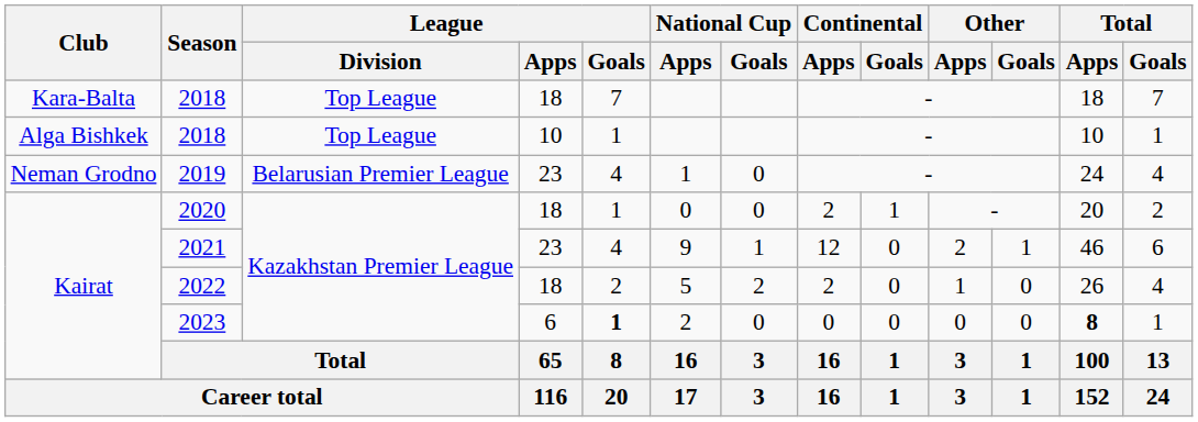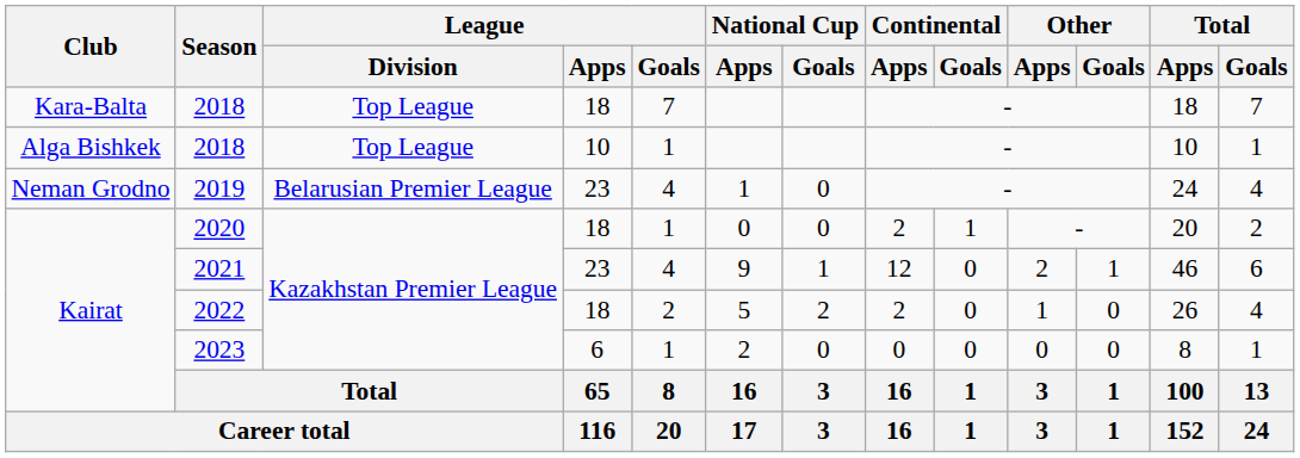 <table class="wikitable" style="text-align: center">
 <tr>
 <th rowspan="2">Club</th>
 <th rowspan="2">Season</th>
 <th colspan="3">League</th>
 <th colspan="2">National Cup</th>
 <th colspan="2">Continental</th>
 <th colspan="2">Other</th>
 <th colspan="2">Total</th>
 </tr>
 <tr>
 <th>Division</th>
 <th>Apps</th>
 <th>Goals</th>
 <th>Apps</th>
 <th>Goals</th>
 <th>Apps</th>
 <th>Goals</th>
 <th>Apps</th>
 <th>Goals</th>
 <th>Apps</th>
 <th>Goals</th>
 </tr>
 <tr>
 <td><a href='#'>Kara-Balta</a></td>
 <td><a href='#'>2018</a></td>
 <td><a href='#'>Top League</a></td>
 <td>18</td>
 <td>7</td>
 <td></td>
 <td></td>
 <td colspan="4">-</td>
 <td>18</td>
 <td>7</td>
 </tr>
 <tr>
 <td><a href='#'>Alga Bishkek</a></td>
 <td><a href='#'>2018</a></td>
 <td><a href='#'>Top League</a></td>
 <td>10</td>
 <td>1</td>
 <td></td>
 <td></td>
 <td colspan="4">-</td>
 <td>10</td>
 <td>1</td>
 </tr>
 <tr>
 <td><a href='#'>Neman Grodno</a></td>
 <td><a href='#'>2019</a></td>
 <td><a href='#'>Belarusian Premier League</a></td>
 <td>23</td>
 <td>4</td>
 <td>1</td>
 <td>0</td>
 <td colspan="4">-</td>
 <td>24</td>
 <td>4</td>
 </tr>
 <tr>
 <td rowspan="5"><a href='#'>Kairat</a></td>
 <td><a href='#'>2020</a></td>
 <td rowspan="4"><a href='#'>Kazakhstan Premier League</a></td>
 <td>18</td>
 <td>1</td>
 <td>0</td>
 <td>0</td>
 <td>2</td>
 <td>1</td>
 <td colspan="2">-</td>
 <td>20</td>
 <td>2</td>
 </tr>
 <tr>
 <td><a href='#'>2021</a></td>
 <td>23</td>
 <td>4</td>
 <td>9</td>
 <td>1</td>
 <td>12</td>
 <td>0</td>
 <td>2</td>
 <td>1</td>
 <td>46</td>
 <td>6</td>
 </tr>
 <tr>
 <td><a href='#'>2022</a></td>
 <td>18</td>
 <td>2</td>
 <td>5</td>
 <td>2</td>
 <td>2</td>
 <td>0</td>
 <td>1</td>
 <td>0</td>
 <td>26</td>
 <td>4</td>
 </tr>
 <tr>
 <td><a href='#'>2023</a></td>
 <td>6</td>
-<td><strong>1</strong></td>
+<td>1</td>
 <td>2</td>
 <td>0</td>
 <td>0</td>
 <td>0</td>
 <td>0</td>
 <td>0</td>
-<td><strong>8</strong></td>
+<td>8</td>
 <td>1</td>
 </tr>
 <tr>
 <th colspan="2">Total</th>
 <th>65</th>
 <th>8</th>
 <th>16</th>
 <th>3</th>
 <th>16</th>
 <th>1</th>
 <th>3</th>
 <th>1</th>
 <th>100</th>
 <th>13</th>
 </tr>
 <tr>
 <th colspan="3">Career total</th>
 <th>116</th>
 <th>20</th>
 <th>17</th>
 <th>3</th>
 <th>16</th>
 <th>1</th>
 <th>3</th>
 <th>1</th>
 <th>152</th>
 <th>24</th>
 </tr>
 </table>
